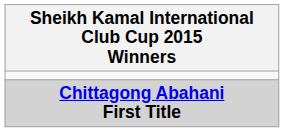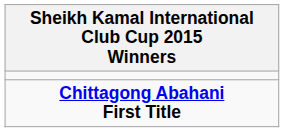 <table class="wikitable" style="text-align: center; margin: 0 auto; width: 20%">
 <tr>
 <th>Sheikh Kamal International Club Cup 2015<br>Winners</th>
 </tr>
 <tr>
 <td></td>
 </tr>
 <tr>
-<td style="background: lightgrey;"><strong><a href='#'>Chittagong Abahani</a></strong><br><strong>First Title</strong></td>
+<td><strong><a href='#'>Chittagong Abahani</a></strong><br><strong>First Title</strong></td>
 </tr>
 </table>
